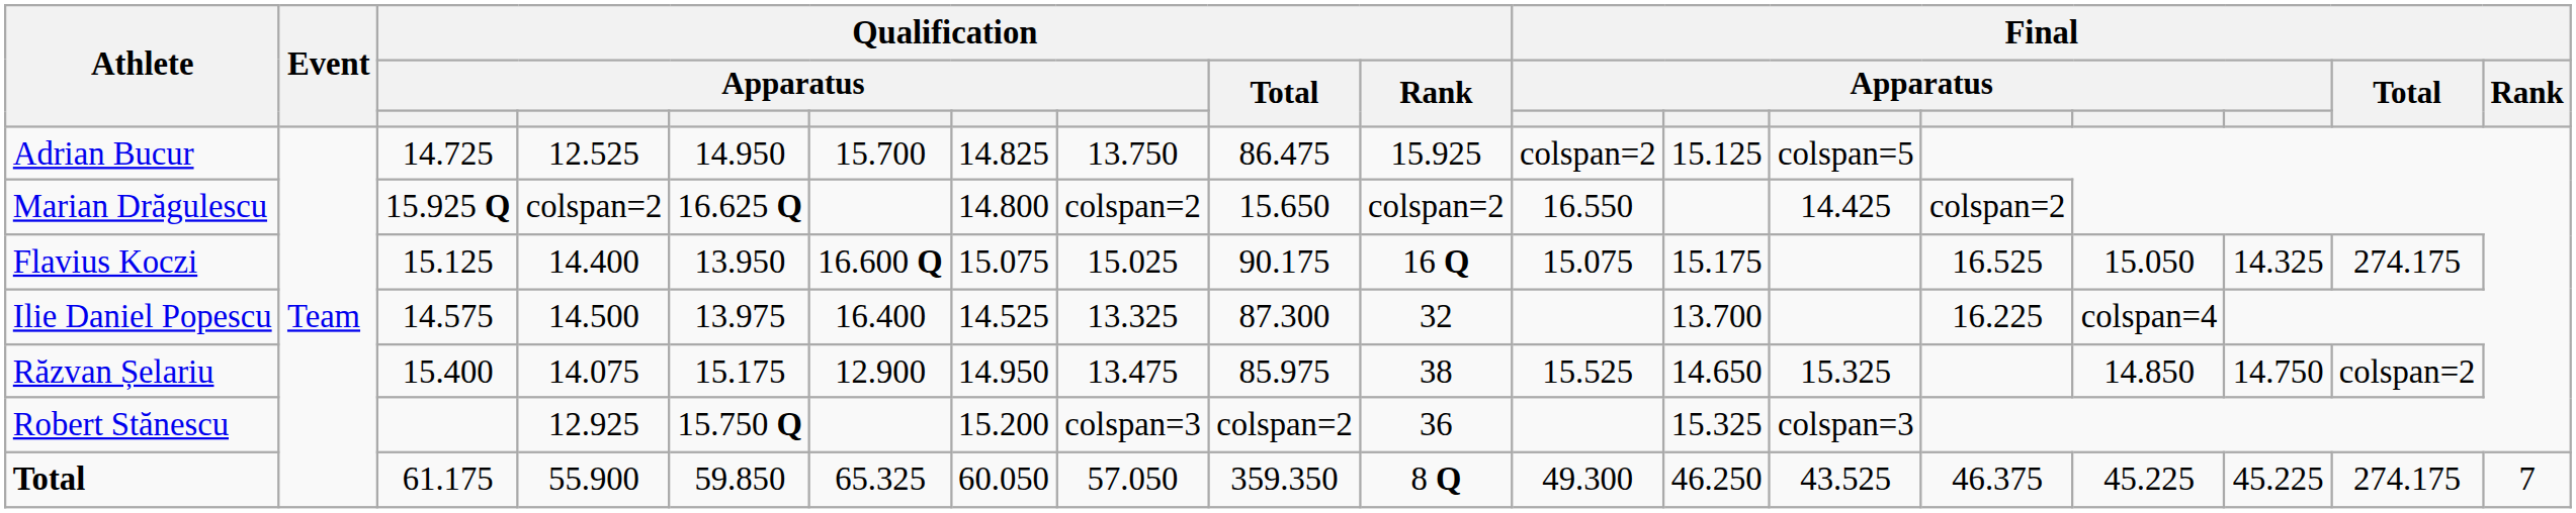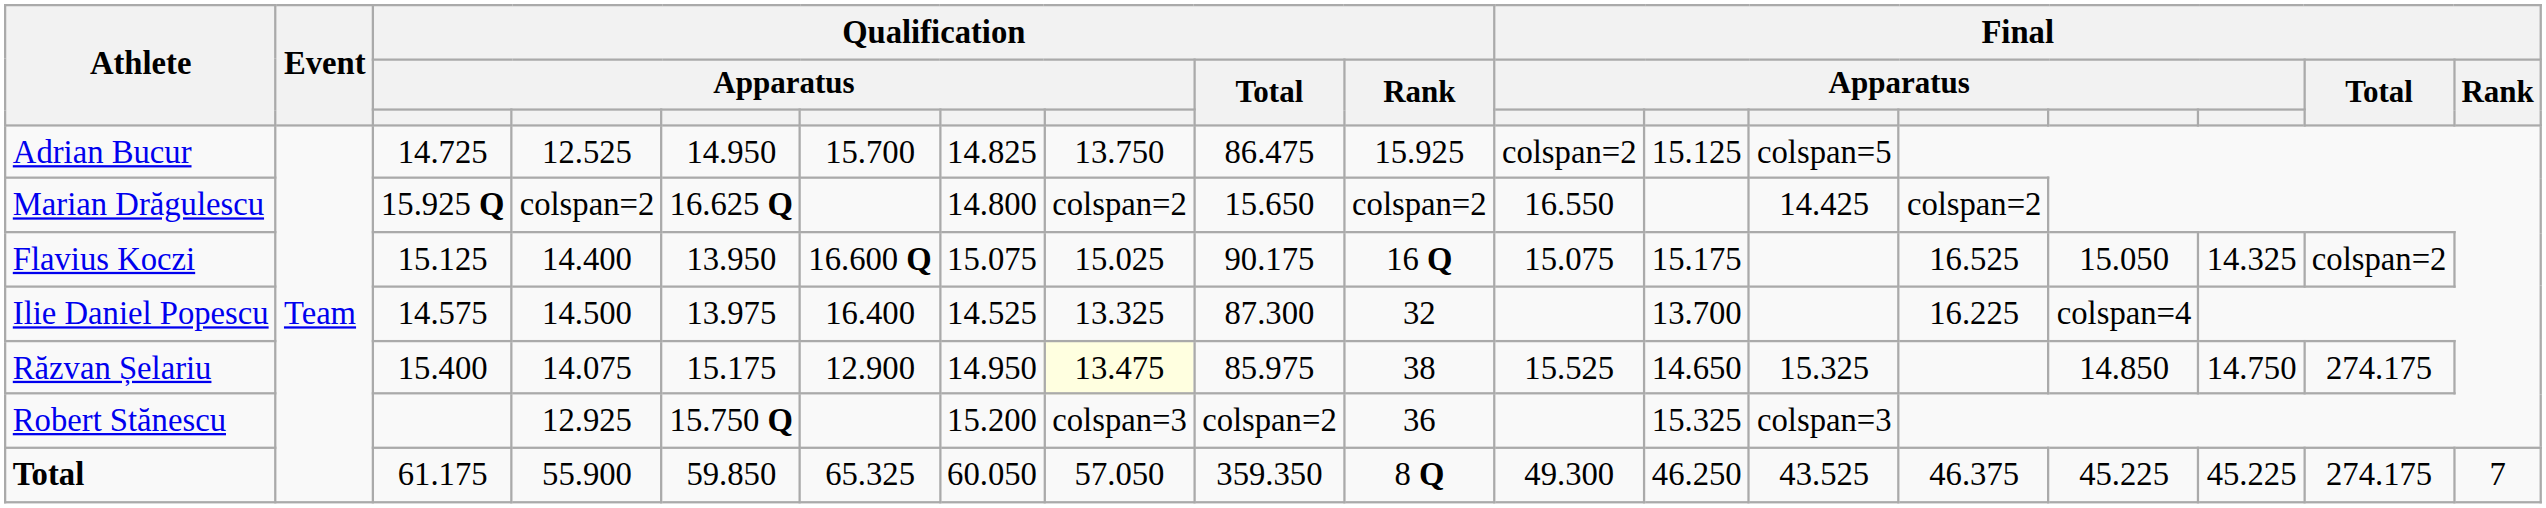 <table class="wikitable" style="font-size:90%">
 <tr>
 <th rowspan=3>Athlete</th>
 <th rowspan=3>Event</th>
 <th colspan =8>Qualification</th>
 <th colspan =8>Final</th>
 </tr>
 <tr style="font-size:95%">
 <th colspan=6>Apparatus</th>
 <th rowspan=2>Total</th>
 <th rowspan=2>Rank</th>
 <th colspan=6>Apparatus</th>
 <th rowspan=2>Total</th>
 <th rowspan=2>Rank</th>
 </tr>
 <tr style="font-size:95%">
 <th></th>
 <th></th>
 <th></th>
 <th></th>
 <th></th>
 <th></th>
 <th></th>
 <th></th>
 <th></th>
 <th></th>
 <th></th>
 <th></th>
 </tr>
 <tr align=center>
 <td align=left><a href='#'>Adrian Bucur</a></td>
 <td rowspan=7 align=left><a href='#'>Team</a></td>
 <td>14.725</td>
 <td>12.525</td>
 <td>14.950</td>
 <td>15.700</td>
 <td>14.825</td>
 <td>13.750</td>
 <td>86.475</td>
 <td>15.925</td>
 <td>colspan=2 </td>
 <td>15.125</td>
 <td>colspan=5 </td>
 </tr>
 <tr align=center>
 <td align=left><a href='#'>Marian Drăgulescu</a></td>
 <td>15.925 <strong>Q</strong></td>
 <td>colspan=2 </td>
 <td>16.625 <strong>Q</strong></td>
 <td></td>
 <td>14.800</td>
 <td>colspan=2 </td>
 <td>15.650</td>
 <td>colspan=2 </td>
 <td>16.550</td>
 <td></td>
 <td>14.425</td>
 <td>colspan=2 </td>
 </tr>
 <tr align=center>
 <td align=left><a href='#'>Flavius Koczi</a></td>
 <td>15.125</td>
 <td>14.400</td>
 <td>13.950</td>
 <td>16.600 <strong>Q</strong></td>
 <td>15.075</td>
 <td>15.025</td>
 <td>90.175</td>
 <td>16 <strong>Q</strong></td>
 <td>15.075</td>
 <td>15.175</td>
 <td></td>
 <td>16.525</td>
 <td>15.050</td>
 <td>14.325</td>
-<td>274.175</td>
+<td>colspan=2 </td>
 </tr>
 <tr align=center>
 <td align=left><a href='#'>Ilie Daniel Popescu</a></td>
 <td>14.575</td>
 <td>14.500</td>
 <td>13.975</td>
 <td>16.400</td>
 <td>14.525</td>
 <td>13.325</td>
 <td>87.300</td>
 <td>32</td>
 <td></td>
 <td>13.700</td>
 <td></td>
 <td>16.225</td>
 <td>colspan=4 </td>
 </tr>
 <tr align=center>
 <td align=left><a href='#'>Răzvan Șelariu</a></td>
 <td>15.400</td>
 <td>14.075</td>
 <td>15.175</td>
 <td>12.900</td>
 <td>14.950</td>
-<td>13.475</td>
+<td style="background: lightyellow;">13.475</td>
 <td>85.975</td>
 <td>38</td>
 <td>15.525</td>
 <td>14.650</td>
 <td>15.325</td>
 <td></td>
 <td>14.850</td>
 <td>14.750</td>
-<td>colspan=2 </td>
+<td>274.175</td>
 </tr>
 <tr align=center>
 <td align=left><a href='#'>Robert Stănescu</a></td>
 <td></td>
 <td>12.925</td>
 <td>15.750 <strong>Q</strong></td>
 <td></td>
 <td>15.200</td>
 <td>colspan=3 </td>
 <td>colspan=2 </td>
 <td>36</td>
 <td></td>
 <td>15.325</td>
 <td>colspan=3 </td>
 </tr>
 <tr align=center>
 <td align=left><strong>Total</strong></td>
 <td>61.175</td>
 <td>55.900</td>
 <td>59.850</td>
 <td>65.325</td>
 <td>60.050</td>
 <td>57.050</td>
 <td>359.350</td>
 <td>8 <strong>Q</strong></td>
 <td>49.300</td>
 <td>46.250</td>
 <td>43.525</td>
 <td>46.375</td>
 <td>45.225</td>
 <td>45.225</td>
 <td>274.175</td>
 <td>7</td>
 </tr>
 </table>
